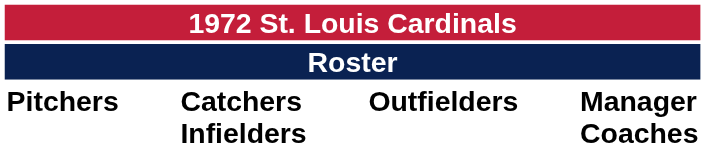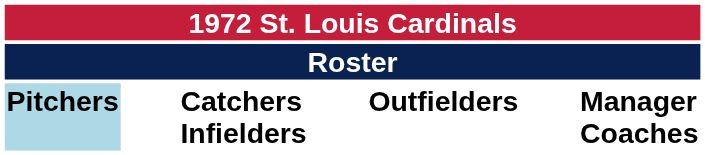 <table class="toccolours" style="font-size: 95%;">
 <tr>
 <th colspan="10" style="background-color: #c41e3a; color: white; text-align: center;">1972 St. Louis Cardinals</th>
 </tr>
 <tr>
 <td colspan="10" style="background-color: #0a2252; color: white; text-align: center;"><strong>Roster</strong></td>
 </tr>
 <tr>
-<td valign="top"><strong>Pitchers</strong><br>                     </td>
+<td valign="top" style="background: lightblue;"><strong>Pitchers</strong><br>                     </td>
 <td width="25px"></td>
 <td valign="top"><strong>Catchers</strong><br>   <strong>Infielders</strong>               </td>
 <td width="25px"></td>
 <td valign="top"><strong>Outfielders</strong><br>      </td>
 <td width="25px"></td>
 <td valign="top"><strong>Manager</strong><br> <strong>Coaches</strong>          </td>
 </tr>
 </table>
